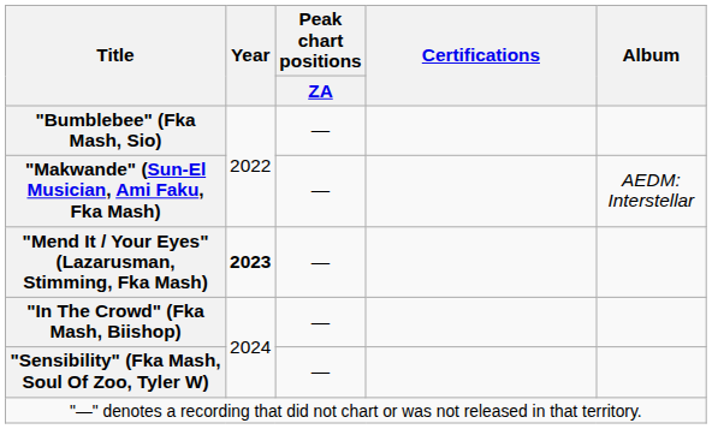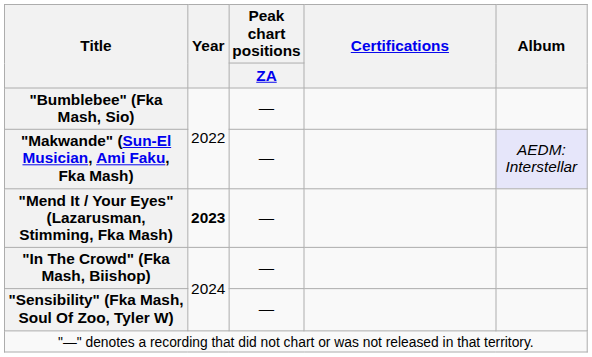 <table class="wikitable plainrowheaders" style="text-align:center;">
 <tr>
 <th scope="col" rowspan="2">Title</th>
 <th scope="col" rowspan="2">Year</th>
 <th scope="col" colspan="1">Peak chart positions</th>
 <th scope="col" rowspan="2" style="width:12em;"><a href='#'>Certifications</a></th>
 <th scope="col" rowspan="2">Album</th>
 </tr>
 <tr>
 <th scope="col" style="width:3em;font-size:100%;"><a href='#'>ZA</a><br></th>
 </tr>
 <tr>
 <th scope="row">"Bumblebee" (Fka Mash, Sio)</th>
 <td rowspan=2>2022</td>
 <td>—</td>
 <td></td>
 <td></td>
 </tr>
 <tr>
 <th scope="row">"Makwande" (<a href='#'>Sun-El Musician</a>, <a href='#'>Ami Faku</a>, Fka Mash)</th>
 <td>—</td>
 <td></td>
-<td><em>AEDM: Interstellar</em></td>
+<td style="background: lavender;"><em>AEDM: Interstellar</em></td>
 </tr>
 <tr>
 <th scope="row">"Mend It / Your Eyes" (Lazarusman, Stimming, Fka Mash)</th>
 <td><strong>2023</strong></td>
 <td>—</td>
 <td></td>
 <td></td>
 </tr>
 <tr>
 <th scope="row">"In The Crowd" (Fka Mash, Biishop)</th>
 <td rowspan=2>2024</td>
 <td>—</td>
 <td></td>
 <td></td>
 </tr>
 <tr>
 <th scope="row">"Sensibility" (Fka Mash, Soul Of Zoo, Tyler W)</th>
 <td>—</td>
 <td></td>
 <td></td>
 </tr>
 <tr>
 <td colspan="8" style="font-size:90%">"—" denotes a recording that did not chart or was not released in that territory.</td>
 </tr>
 </table>
